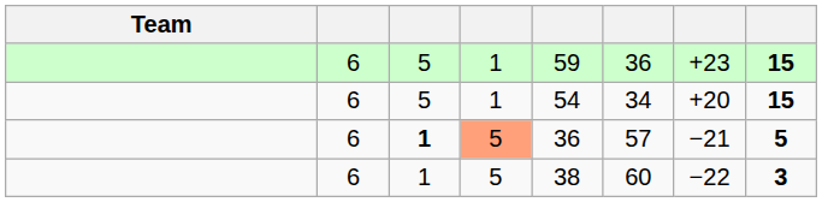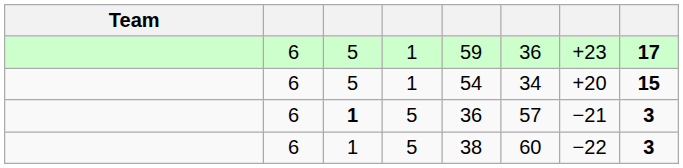 <table class=wikitable style="text-align:center">
 <tr>
 <th width=200>Team</th>
 <th width=40></th>
 <th width=40></th>
 <th width=40></th>
 <th width=40></th>
 <th width=40></th>
 <th width=40></th>
 <th width=40></th>
 </tr>
 <tr bgcolor=ccffcc>
 <td align=left></td>
 <td>6</td>
 <td>5</td>
 <td>1</td>
 <td>59</td>
 <td>36</td>
 <td>+23</td>
-<td><strong>15</strong></td>
+<td><strong>17</strong></td>
 </tr>
 <tr>
 <td align=left></td>
 <td>6</td>
 <td>5</td>
 <td>1</td>
 <td>54</td>
 <td>34</td>
 <td>+20</td>
 <td><strong>15</strong></td>
 </tr>
 <tr>
 <td align=left></td>
 <td>6</td>
 <td><strong>1</strong></td>
-<td style="background: lightsalmon;">5</td>
+<td>5</td>
 <td>36</td>
 <td>57</td>
 <td>−21</td>
-<td><strong>5</strong></td>
+<td><strong>3</strong></td>
 </tr>
 <tr>
 <td align=left></td>
 <td>6</td>
 <td>1</td>
 <td>5</td>
 <td>38</td>
 <td>60</td>
 <td>−22</td>
 <td><strong>3</strong></td>
 </tr>
 </table>
